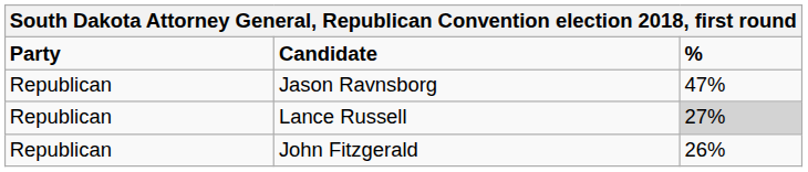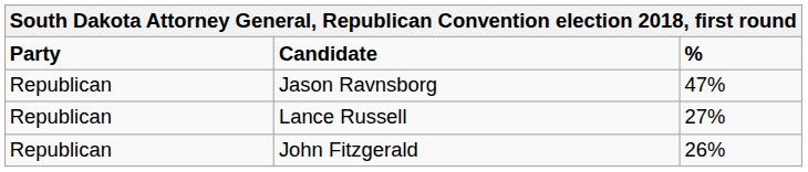 <table class="wikitable">
 <tr>
 <th colspan="5">South Dakota Attorney General, Republican Convention election 2018, first round</th>
 </tr>
 <tr>
 <td><strong>Party</strong></td>
 <td><strong>Candidate</strong></td>
 <td><strong>%</strong></td>
 </tr>
 <tr>
 <td>Republican</td>
 <td>Jason Ravnsborg</td>
 <td>47%</td>
 </tr>
 <tr>
 <td>Republican</td>
 <td>Lance Russell</td>
-<td style="background: lightgrey;">27%</td>
+<td>27%</td>
 </tr>
 <tr>
 <td>Republican</td>
 <td>John Fitzgerald</td>
 <td>26%</td>
 </tr>
 </table>
